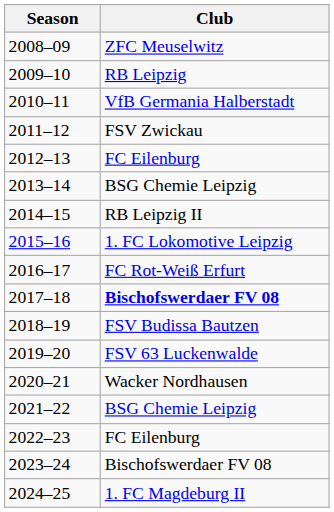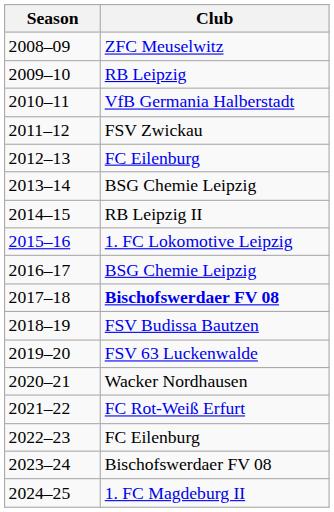 <table class="wikitable">
 <tr align="center" bgcolor="#dfdfdf">
 <th width="80">Season</th>
 <th width="200">Club</th>
 </tr>
 <tr>
 <td>2008–09</td>
 <td><a href='#'>ZFC Meuselwitz</a></td>
 </tr>
 <tr>
 <td>2009–10</td>
 <td><a href='#'>RB Leipzig</a></td>
 </tr>
 <tr>
 <td>2010–11</td>
 <td><a href='#'>VfB Germania Halberstadt</a></td>
 </tr>
 <tr>
 <td>2011–12</td>
 <td>FSV Zwickau</td>
 </tr>
 <tr>
 <td>2012–13</td>
 <td><a href='#'>FC Eilenburg</a></td>
 </tr>
 <tr>
 <td>2013–14</td>
 <td>BSG Chemie Leipzig</td>
 </tr>
 <tr>
 <td>2014–15</td>
 <td>RB Leipzig II</td>
 </tr>
 <tr>
 <td><a href='#'>2015–16</a></td>
 <td><a href='#'>1. FC Lokomotive Leipzig</a></td>
 </tr>
 <tr>
 <td>2016–17</td>
-<td><a href='#'>FC Rot-Weiß Erfurt</a></td>
+<td><a href='#'>BSG Chemie Leipzig</a></td>
 </tr>
 <tr>
 <td>2017–18</td>
 <td><strong><a href='#'>Bischofswerdaer FV 08</a></strong></td>
 </tr>
 <tr>
 <td>2018–19</td>
 <td><a href='#'>FSV Budissa Bautzen</a></td>
 </tr>
 <tr>
 <td>2019–20</td>
 <td><a href='#'>FSV 63 Luckenwalde</a></td>
 </tr>
 <tr>
 <td>2020–21</td>
 <td>Wacker Nordhausen</td>
 </tr>
 <tr>
 <td>2021–22</td>
-<td><a href='#'>BSG Chemie Leipzig</a></td>
+<td><a href='#'>FC Rot-Weiß Erfurt</a></td>
 </tr>
 <tr>
 <td>2022–23</td>
 <td>FC Eilenburg</td>
 </tr>
 <tr>
 <td>2023–24</td>
 <td>Bischofswerdaer FV 08</td>
 </tr>
 <tr>
 <td>2024–25</td>
 <td><a href='#'>1. FC Magdeburg II</a></td>
 </tr>
 </table>
